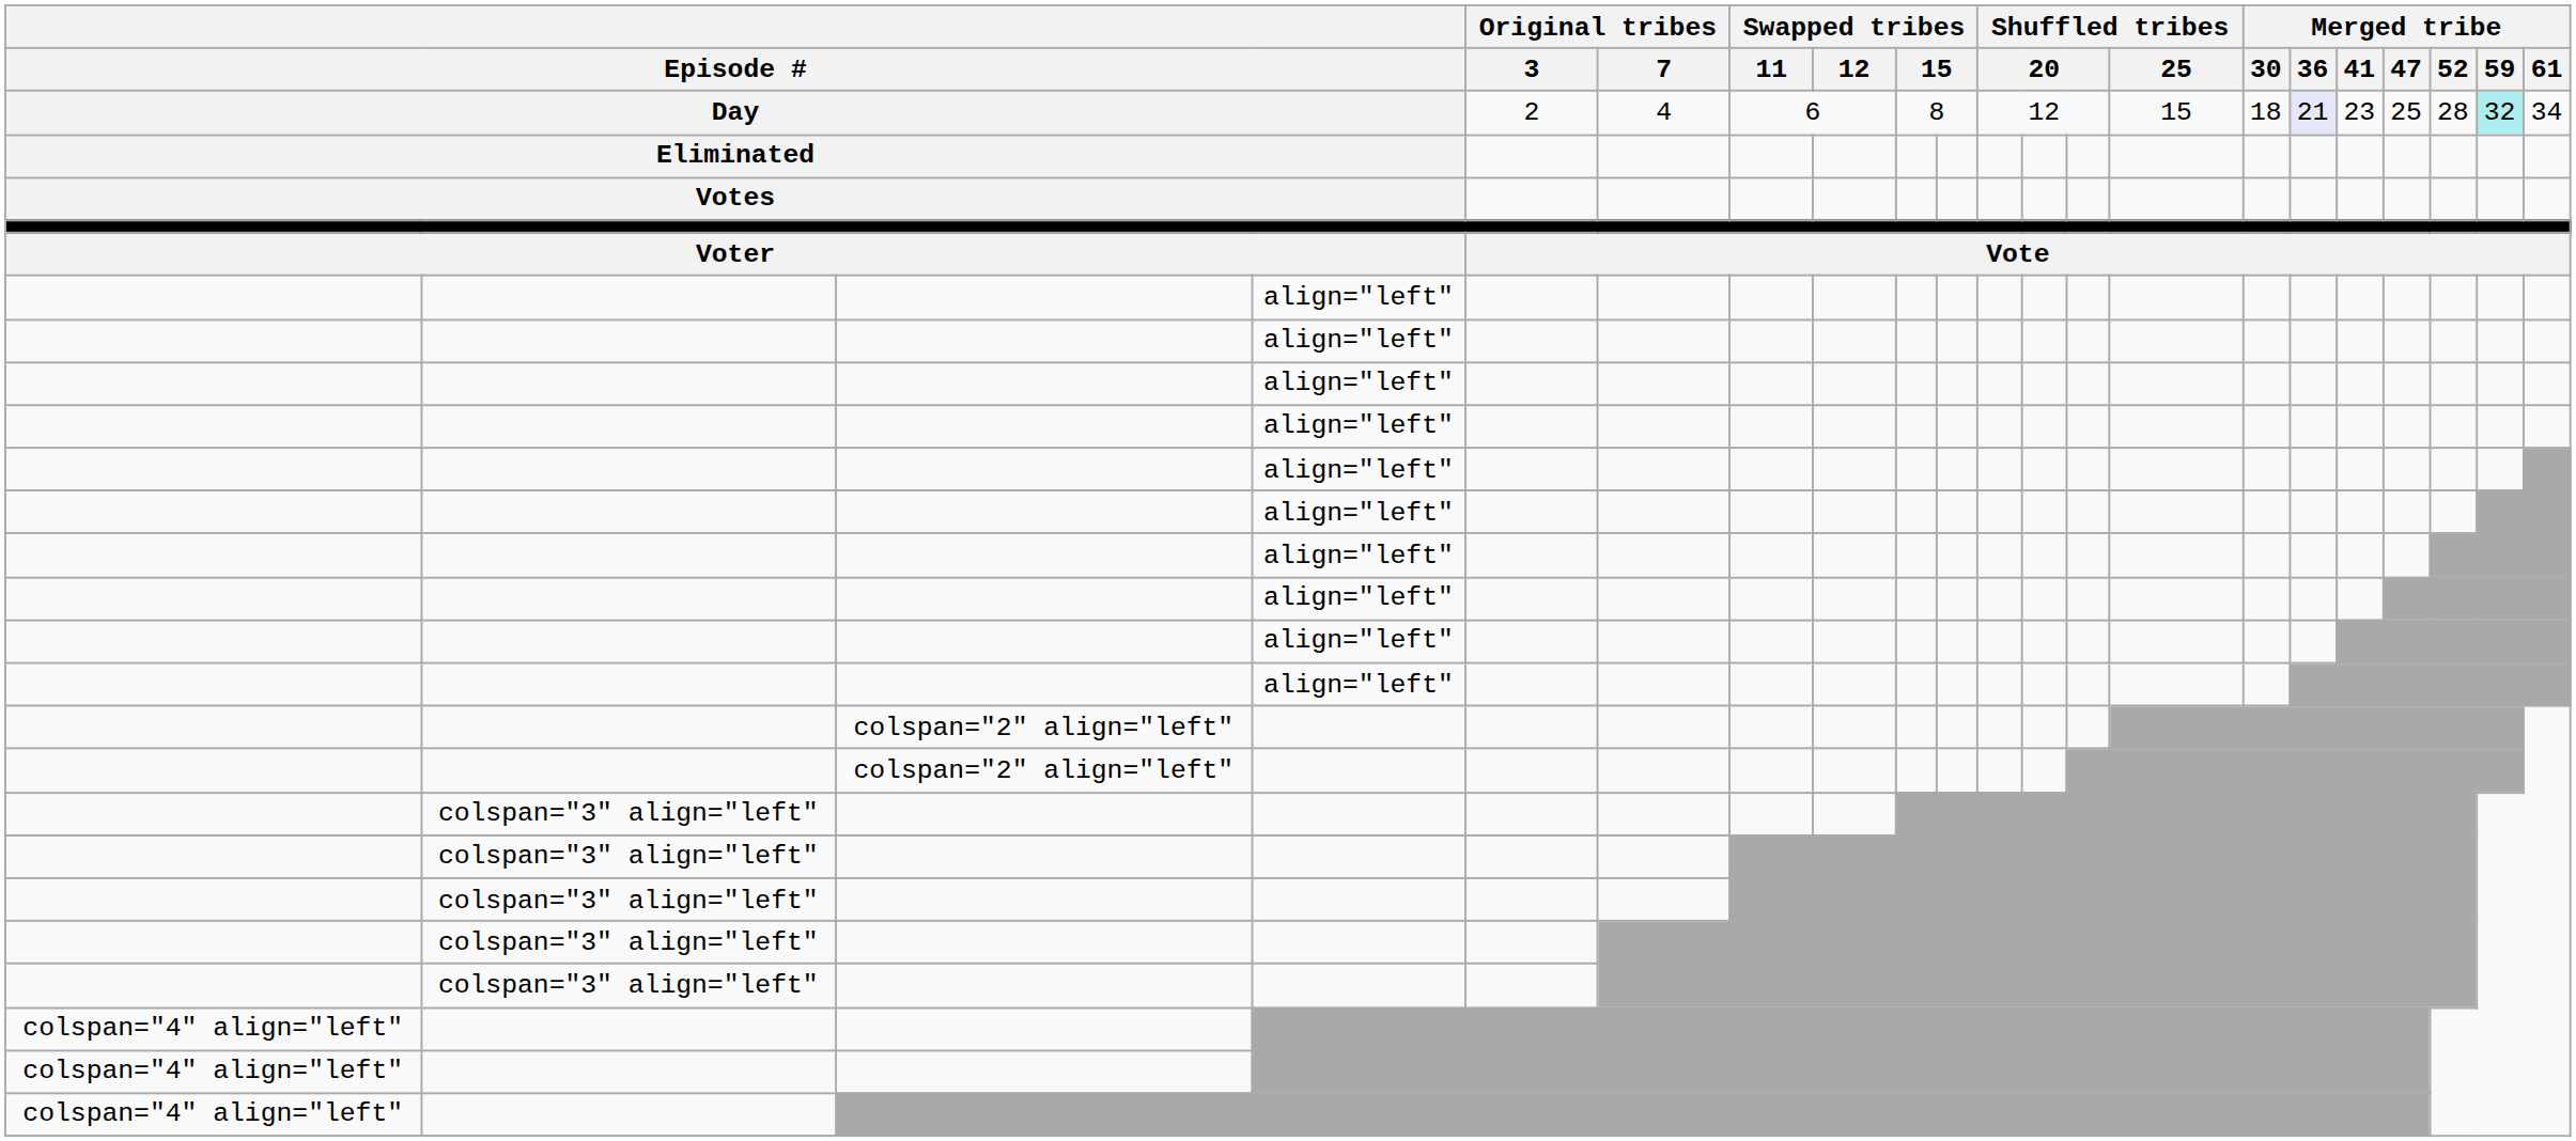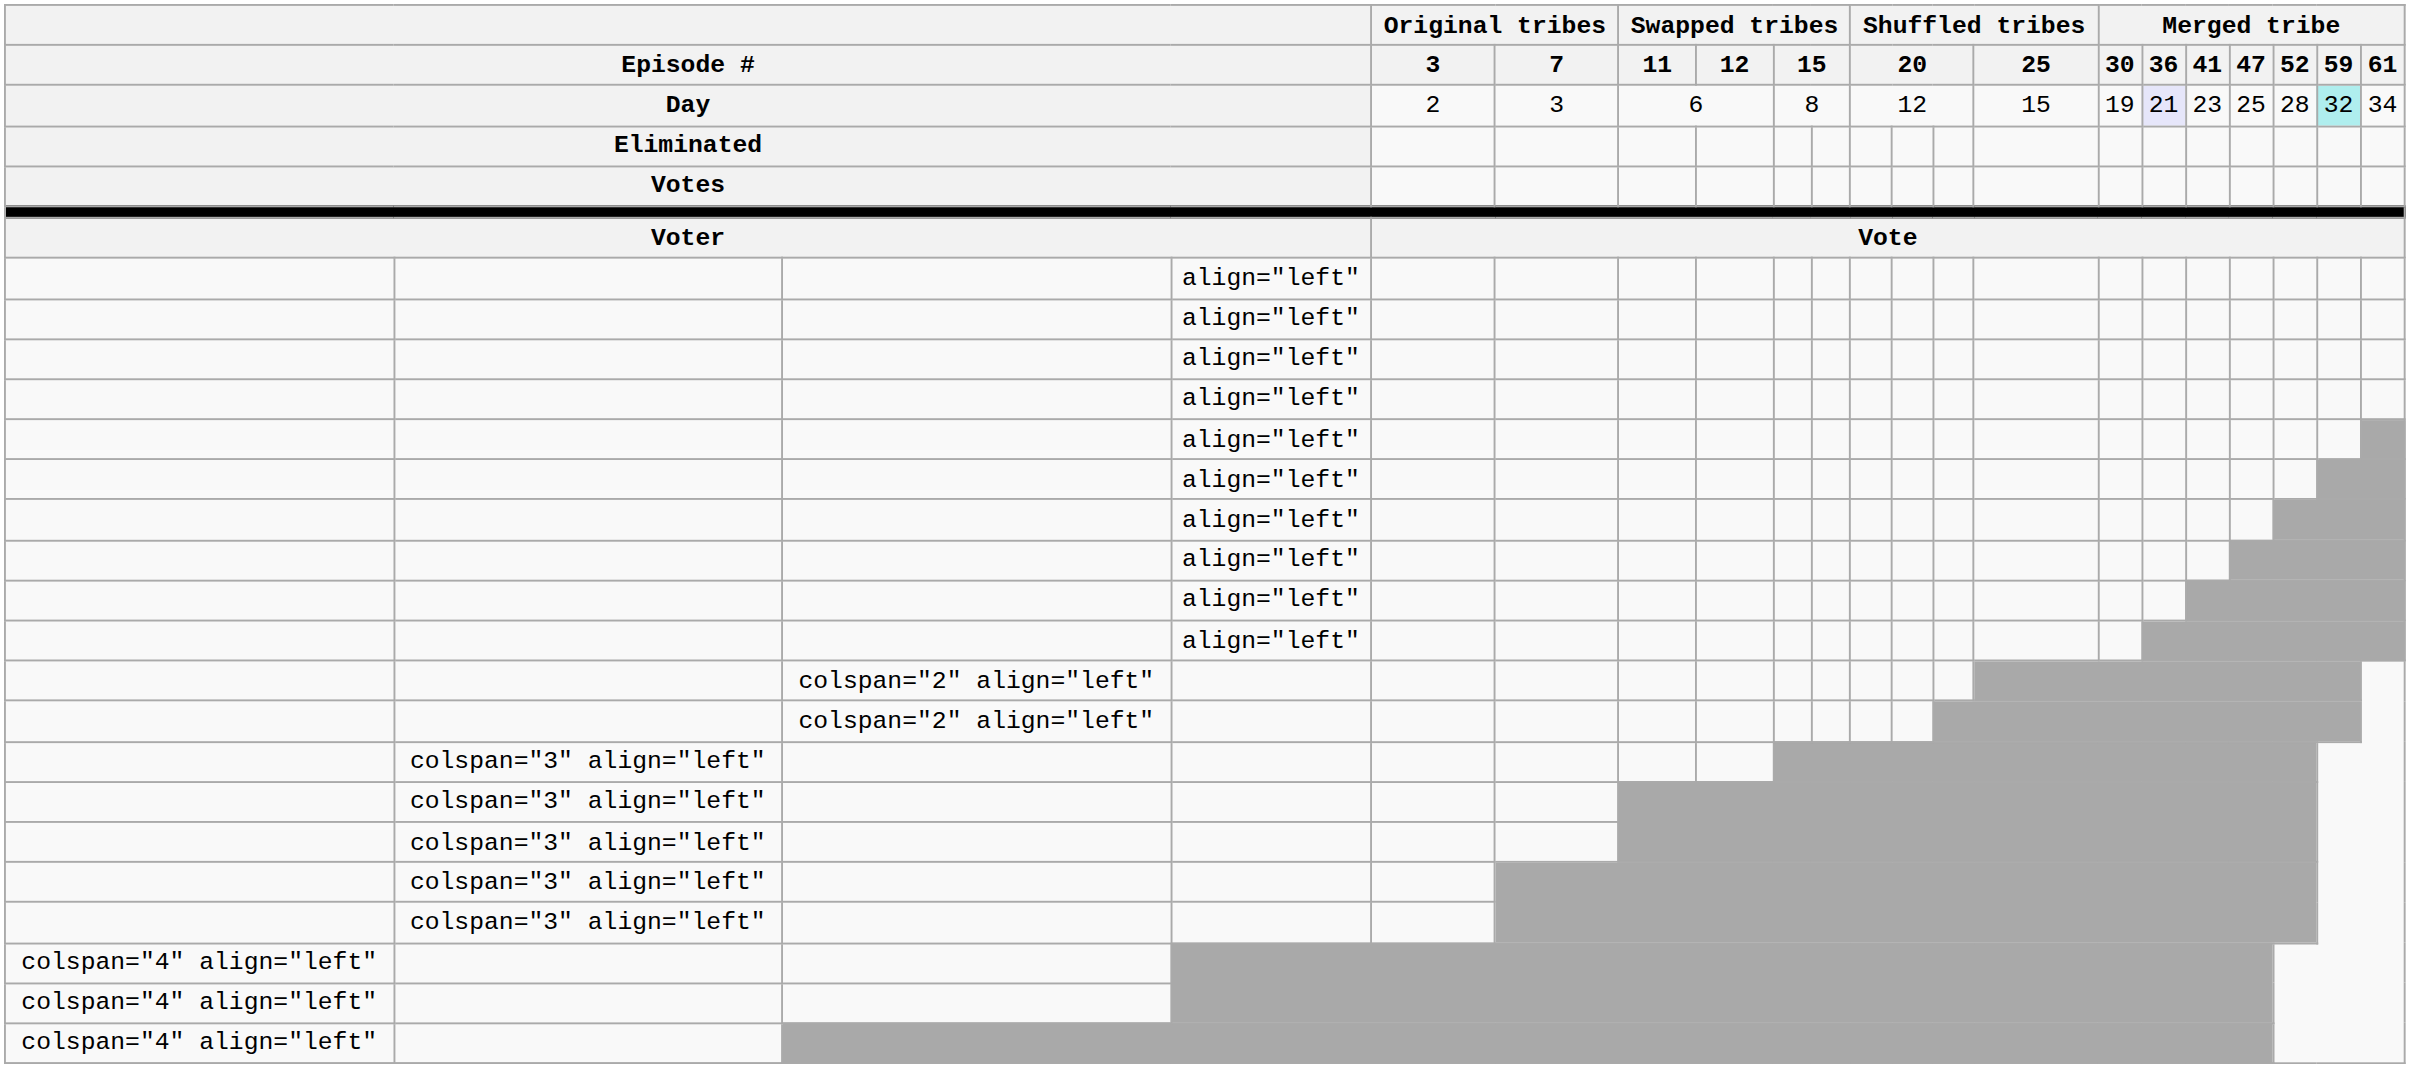 <table class="wikitable nowrap" width=100% style="text-align:center">
 <tr>
 <th colspan="4"></th>
 <th colspan="2">Original tribes</th>
 <th colspan="4">Swapped tribes</th>
 <th colspan="4">Shuffled tribes</th>
 <th colspan="7">Merged tribe</th>
 </tr>
 <tr>
 <th colspan="4">Episode #</th>
 <th>3</th>
 <th>7</th>
 <th>11</th>
 <th>12</th>
 <th colspan="2">15</th>
 <th colspan="3">20</th>
 <th>25</th>
 <th>30</th>
 <th>36</th>
 <th>41</th>
 <th>47</th>
 <th>52</th>
 <th>59</th>
 <th>61</th>
 </tr>
 <tr>
 <th colspan="4">Day</th>
 <td>2</td>
-<td>4</td>
+<td>3</td>
 <td colspan="2">6</td>
 <td colspan="2">8</td>
 <td colspan="3">12</td>
 <td>15</td>
-<td>18</td>
+<td>19</td>
 <td style="background: lavender;">21</td>
 <td>23</td>
 <td>25</td>
 <td>28</td>
 <td style="background: paleturquoise;">32</td>
 <td>34</td>
 </tr>
 <tr>
 <th colspan="4">Eliminated</th>
 <td></td>
 <td></td>
 <td></td>
 <td></td>
 <td></td>
 <td></td>
 <td></td>
 <td></td>
 <td></td>
 <td></td>
 <td></td>
 <td></td>
 <td></td>
 <td></td>
 <td></td>
 <td></td>
 <td></td>
 </tr>
 <tr>
 <th colspan="4">Votes</th>
 <td></td>
 <td></td>
 <td></td>
 <td></td>
 <td></td>
 <td></td>
 <td></td>
 <td></td>
 <td></td>
 <td></td>
 <td></td>
 <td></td>
 <td></td>
 <td></td>
 <td></td>
 <td></td>
 <td></td>
 </tr>
 <tr>
 <td colspan="21" style="background:black;"></td>
 </tr>
 <tr>
 <th colspan="4">Voter</th>
 <th colspan="17">Vote</th>
 </tr>
 <tr>
 <td></td>
 <td></td>
 <td></td>
 <td>align="left" </td>
 <td></td>
 <td></td>
 <td></td>
 <td></td>
 <td></td>
 <td></td>
 <td></td>
 <td></td>
 <td></td>
 <td></td>
 <td></td>
 <td></td>
 <td></td>
 <td></td>
 <td></td>
 <td></td>
 <td></td>
 </tr>
 <tr>
 <td></td>
 <td></td>
 <td></td>
 <td>align="left" </td>
 <td></td>
 <td></td>
 <td></td>
 <td></td>
 <td></td>
 <td></td>
 <td></td>
 <td></td>
 <td></td>
 <td></td>
 <td></td>
 <td></td>
 <td></td>
 <td></td>
 <td></td>
 <td></td>
 <td></td>
 </tr>
 <tr>
 <td></td>
 <td></td>
 <td></td>
 <td>align="left" </td>
 <td></td>
 <td></td>
 <td></td>
 <td></td>
 <td></td>
 <td></td>
 <td></td>
 <td></td>
 <td></td>
 <td></td>
 <td></td>
 <td></td>
 <td></td>
 <td></td>
 <td></td>
 <td></td>
 <td></td>
 </tr>
 <tr>
 <td></td>
 <td></td>
 <td></td>
 <td>align="left" </td>
 <td></td>
 <td></td>
 <td></td>
 <td></td>
 <td></td>
 <td></td>
 <td></td>
 <td></td>
 <td></td>
 <td></td>
 <td></td>
 <td></td>
 <td></td>
 <td></td>
 <td></td>
 <td></td>
 <td></td>
 </tr>
 <tr>
 <td></td>
 <td></td>
 <td></td>
 <td>align="left" </td>
 <td></td>
 <td></td>
 <td></td>
 <td></td>
 <td></td>
 <td></td>
 <td></td>
 <td></td>
 <td></td>
 <td></td>
 <td></td>
 <td></td>
 <td></td>
 <td></td>
 <td></td>
 <td></td>
 <td colspan="1" style="background:darkgray;"></td>
 </tr>
 <tr>
 <td></td>
 <td></td>
 <td></td>
 <td>align="left" </td>
 <td></td>
 <td></td>
 <td></td>
 <td></td>
 <td></td>
 <td></td>
 <td></td>
 <td></td>
 <td></td>
 <td></td>
 <td></td>
 <td></td>
 <td></td>
 <td></td>
 <td></td>
 <td colspan="2" style="background:darkgray;"></td>
 </tr>
 <tr>
 <td></td>
 <td></td>
 <td></td>
 <td>align="left" </td>
 <td></td>
 <td></td>
 <td></td>
 <td></td>
 <td></td>
 <td></td>
 <td></td>
 <td></td>
 <td></td>
 <td></td>
 <td></td>
 <td></td>
 <td></td>
 <td></td>
 <td colspan="3" style="background:darkgray;"></td>
 </tr>
 <tr>
 <td></td>
 <td></td>
 <td></td>
 <td>align="left" </td>
 <td></td>
 <td></td>
 <td></td>
 <td></td>
 <td></td>
 <td></td>
 <td></td>
 <td></td>
 <td></td>
 <td></td>
 <td></td>
 <td></td>
 <td></td>
 <td colspan="4" style="background:darkgray;"></td>
 </tr>
 <tr>
 <td></td>
 <td></td>
 <td></td>
 <td>align="left" </td>
 <td></td>
 <td></td>
 <td></td>
 <td></td>
 <td></td>
 <td></td>
 <td></td>
 <td></td>
 <td></td>
 <td></td>
 <td></td>
 <td></td>
 <td colspan="5" style="background:darkgray;"></td>
 </tr>
 <tr>
 <td></td>
 <td></td>
 <td></td>
 <td>align="left" </td>
 <td></td>
 <td></td>
 <td></td>
 <td></td>
 <td></td>
 <td></td>
 <td></td>
 <td></td>
 <td></td>
 <td></td>
 <td></td>
 <td colspan="6" style="background:darkgray;"></td>
 </tr>
 <tr>
 <td></td>
 <td></td>
 <td>colspan="2" align="left" </td>
 <td></td>
 <td></td>
 <td></td>
 <td></td>
 <td></td>
 <td></td>
 <td></td>
 <td></td>
 <td></td>
 <td></td>
 <td colspan="7" style="background:darkgray;"></td>
 </tr>
 <tr>
 <td></td>
 <td></td>
 <td>colspan="2" align="left" </td>
 <td></td>
 <td></td>
 <td></td>
 <td></td>
 <td></td>
 <td></td>
 <td></td>
 <td></td>
 <td></td>
 <td colspan="8" style="background:darkgray;"></td>
 </tr>
 <tr>
 <td></td>
 <td>colspan="3" align="left" </td>
 <td></td>
 <td></td>
 <td></td>
 <td></td>
 <td></td>
 <td></td>
 <td colspan="11" style="background:darkgray;"></td>
 </tr>
 <tr>
 <td></td>
 <td>colspan="3" align="left" </td>
 <td></td>
 <td></td>
 <td></td>
 <td></td>
 <td colspan="13" rowspan="2" style="background:darkgray;"></td>
 </tr>
 <tr>
 <td></td>
 <td>colspan="3" align="left" </td>
 <td></td>
 <td></td>
 <td></td>
 <td></td>
 </tr>
 <tr>
 <td></td>
 <td>colspan="3" align="left" </td>
 <td></td>
 <td></td>
 <td></td>
 <td colspan="14" rowspan="2" style="background:darkgray;"></td>
 </tr>
 <tr>
 <td></td>
 <td>colspan="3" align="left" </td>
 <td></td>
 <td></td>
 <td></td>
 </tr>
 <tr>
 <td>colspan="4" align="left" </td>
 <td></td>
 <td></td>
 <td colspan="15" rowspan="2" style="background:darkgray;"></td>
 </tr>
 <tr>
 <td>colspan="4" align="left" </td>
 <td></td>
 <td></td>
 </tr>
 <tr>
 <td>colspan="4" align="left" </td>
 <td></td>
 <td colspan="16" style="background:darkgray;"></td>
 </tr>
 <tr>
 </tr>
 </table>
